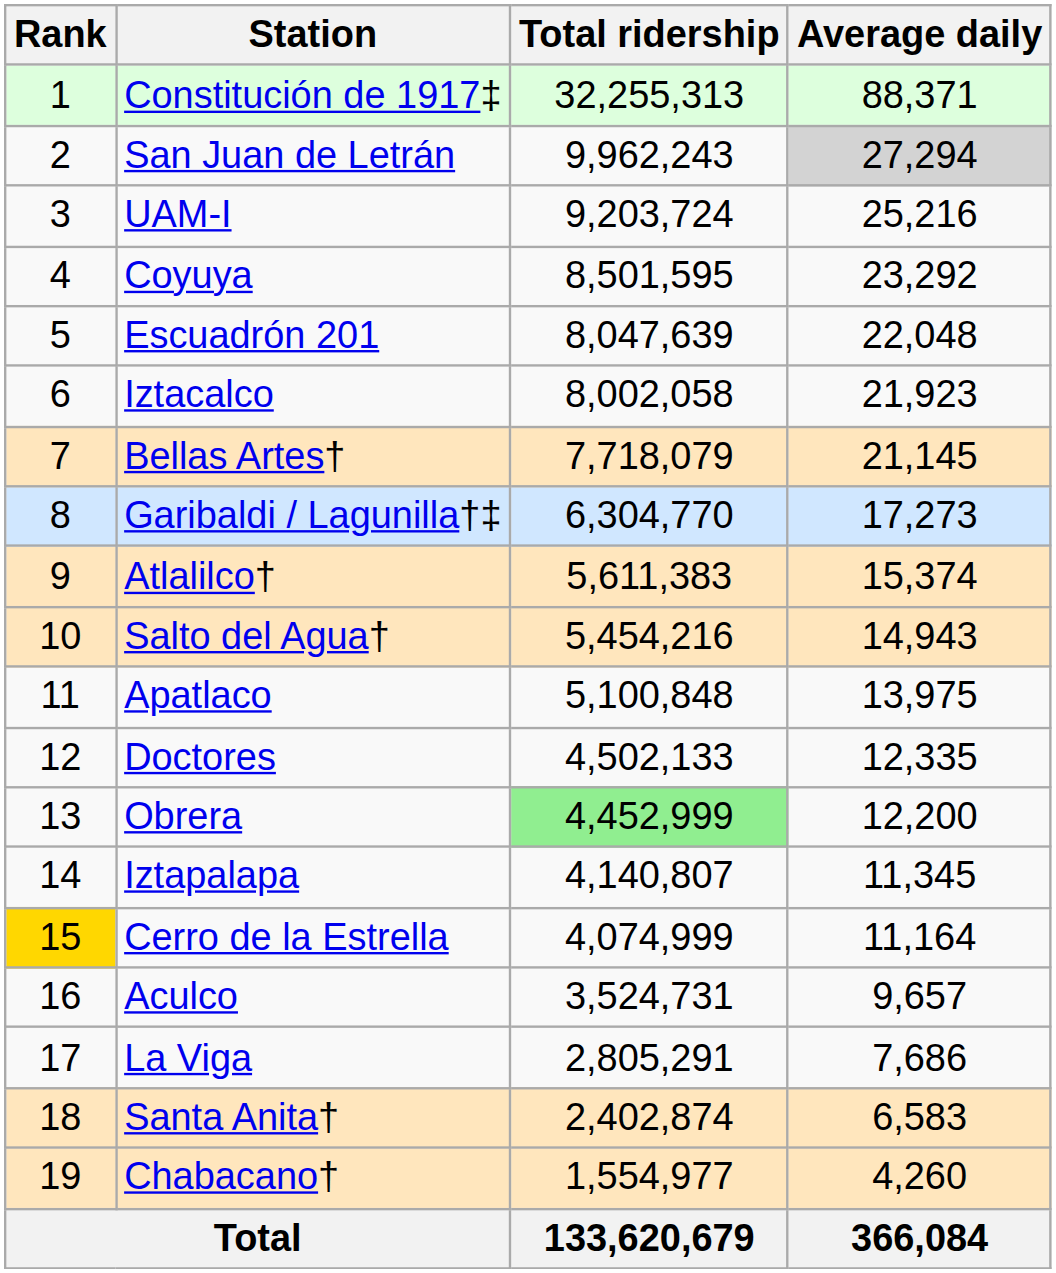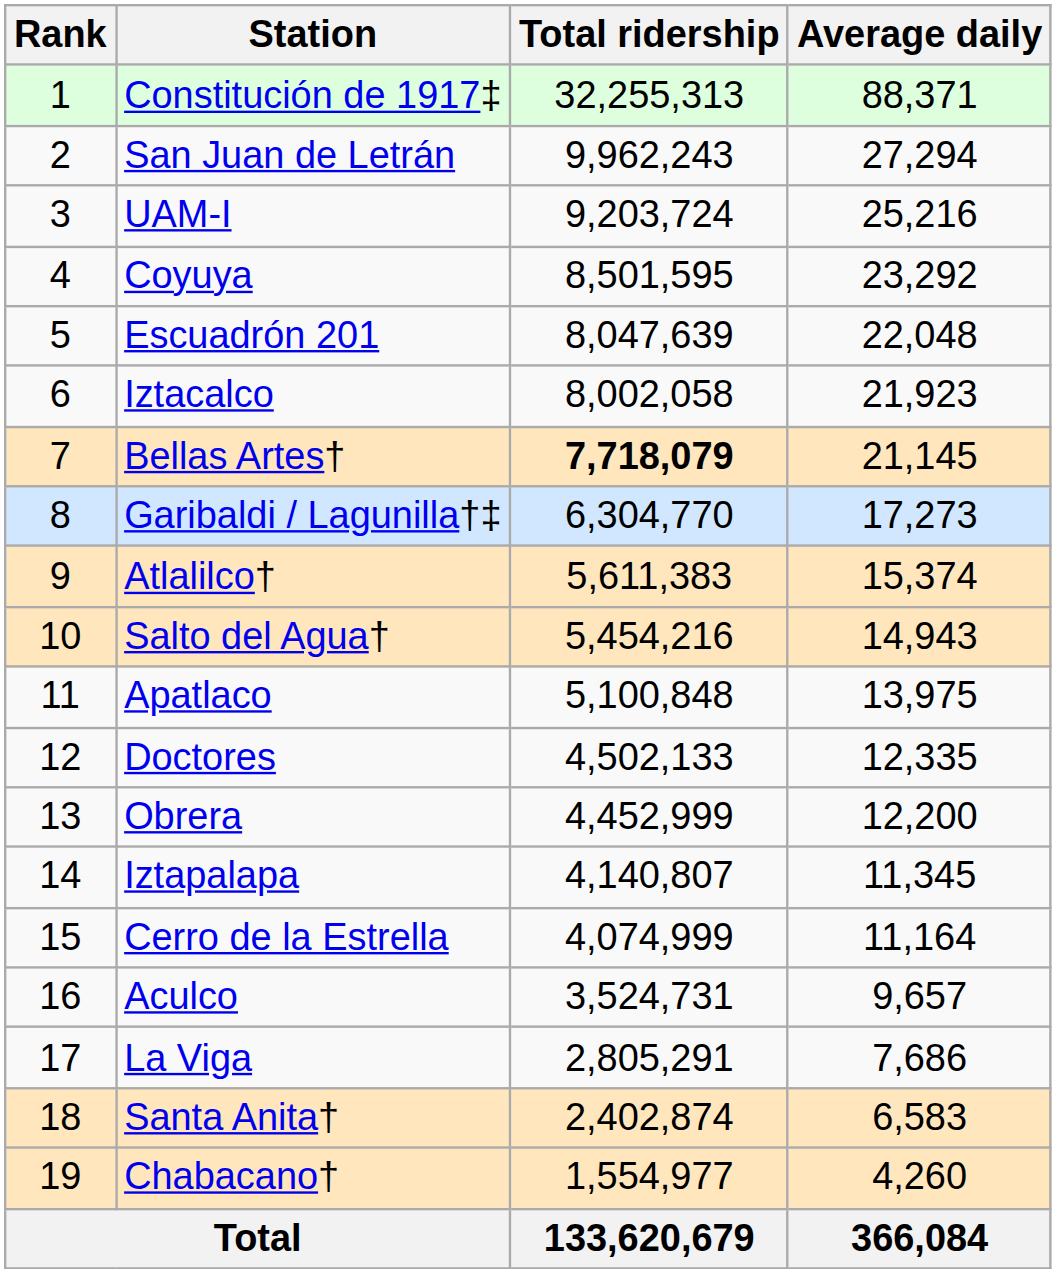 <table class=wikitable style="text-align:center">
 <tr>
 <th>Rank</th>
 <th>Station</th>
 <th>Total ridership</th>
 <th>Average daily</th>
 </tr>
 <tr style="background-color:#DDFFDD">
 <td>1</td>
 <td align=left><a href='#'>Constitución de 1917</a>‡</td>
 <td>32,255,313</td>
 <td>88,371</td>
 </tr>
 <tr>
 <td>2</td>
 <td align=left><a href='#'>San Juan de Letrán</a></td>
 <td>9,962,243</td>
-<td style="background: lightgrey;">27,294</td>
+<td>27,294</td>
 </tr>
 <tr>
 <td>3</td>
 <td align=left><a href='#'>UAM-I</a></td>
 <td>9,203,724</td>
 <td>25,216</td>
 </tr>
 <tr>
 <td>4</td>
 <td align=left><a href='#'>Coyuya</a></td>
 <td>8,501,595</td>
 <td>23,292</td>
 </tr>
 <tr>
 <td>5</td>
 <td align=left><a href='#'>Escuadrón 201</a></td>
 <td>8,047,639</td>
 <td>22,048</td>
 </tr>
 <tr>
 <td>6</td>
 <td align=left><a href='#'>Iztacalco</a></td>
 <td>8,002,058</td>
 <td>21,923</td>
 </tr>
 <tr style="background-color:#FFE6BD">
 <td>7</td>
 <td align=left><a href='#'>Bellas Artes</a>†</td>
-<td>7,718,079</td>
+<td><strong>7,718,079</strong></td>
 <td>21,145</td>
 </tr>
 <tr style="background-color:#D0E7FF">
 <td>8</td>
 <td align=left><a href='#'>Garibaldi / Lagunilla</a>†‡</td>
 <td>6,304,770</td>
 <td>17,273</td>
 </tr>
 <tr style="background-color:#FFE6BD">
 <td>9</td>
 <td align=left><a href='#'>Atlalilco</a>†</td>
 <td>5,611,383</td>
 <td>15,374</td>
 </tr>
 <tr style="background-color:#FFE6BD">
 <td>10</td>
 <td align=left><a href='#'>Salto del Agua</a>†</td>
 <td>5,454,216</td>
 <td>14,943</td>
 </tr>
 <tr>
 <td>11</td>
 <td align=left><a href='#'>Apatlaco</a></td>
 <td>5,100,848</td>
 <td>13,975</td>
 </tr>
 <tr>
 <td>12</td>
 <td align=left><a href='#'>Doctores</a></td>
 <td>4,502,133</td>
 <td>12,335</td>
 </tr>
 <tr>
 <td>13</td>
 <td align=left><a href='#'>Obrera</a></td>
-<td style="background: lightgreen;">4,452,999</td>
+<td>4,452,999</td>
 <td>12,200</td>
 </tr>
 <tr>
 <td>14</td>
 <td align=left><a href='#'>Iztapalapa</a></td>
 <td>4,140,807</td>
 <td>11,345</td>
 </tr>
 <tr>
-<td style="background: gold;">15</td>
+<td>15</td>
 <td align=left><a href='#'>Cerro de la Estrella</a></td>
 <td>4,074,999</td>
 <td>11,164</td>
 </tr>
 <tr>
 <td>16</td>
 <td align=left><a href='#'>Aculco</a></td>
 <td>3,524,731</td>
 <td>9,657</td>
 </tr>
 <tr>
 <td>17</td>
 <td align=left><a href='#'>La Viga</a></td>
 <td>2,805,291</td>
 <td>7,686</td>
 </tr>
 <tr style="background-color:#FFE6BD">
 <td>18</td>
 <td align=left><a href='#'>Santa Anita</a>†</td>
 <td>2,402,874</td>
 <td>6,583</td>
 </tr>
 <tr style="background-color:#FFE6BD">
 <td>19</td>
 <td align=left><a href='#'>Chabacano</a>†</td>
 <td>1,554,977</td>
 <td>4,260</td>
 </tr>
 <tr>
 <th colspan=2>Total</th>
 <th>133,620,679</th>
 <th>366,084</th>
 </tr>
 </table>
